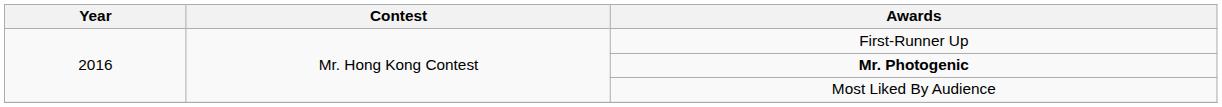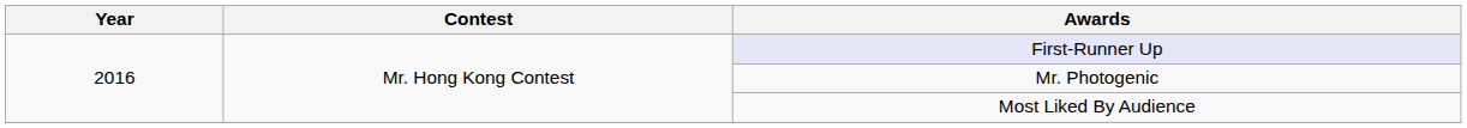 <table class="wikitable" width="100%">
 <tr>
 <th style="width:15%">Year</th>
 <th style="text-align:center;width:35%">Contest</th>
 <th style="width:50%">Awards</th>
 </tr>
 <tr>
 <td rowspan="3" style="text-align:center;">2016</td>
 <td rowspan="3" style="text-align:center;">Mr. Hong Kong Contest</td>
-<td style="text-align:center;">First-Runner Up</td>
+<td style="background: lavender; text-align:center;">First-Runner Up</td>
 </tr>
 <tr>
-<td style="text-align:center;"><strong>Mr. Photogenic</strong></td>
+<td style="text-align:center;">Mr. Photogenic</td>
 </tr>
 <tr>
 <td style="text-align:center;">Most Liked By Audience</td>
 </tr>
 <tr>
 </tr>
 </table>
